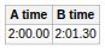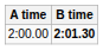 <table class="wikitable" border="1" align="upright">
 <tr>
 <th>A time</th>
 <th>B time</th>
 </tr>
 <tr>
 <td>2:00.00</td>
-<td>2:01.30</td>
+<td><strong>2:01.30</strong></td>
 </tr>
 </table>
